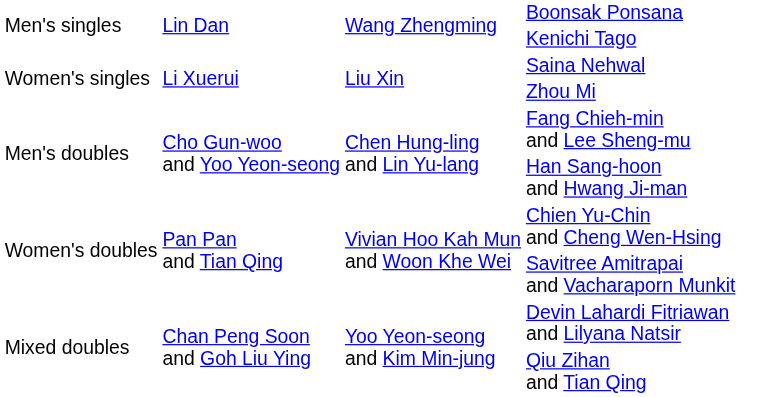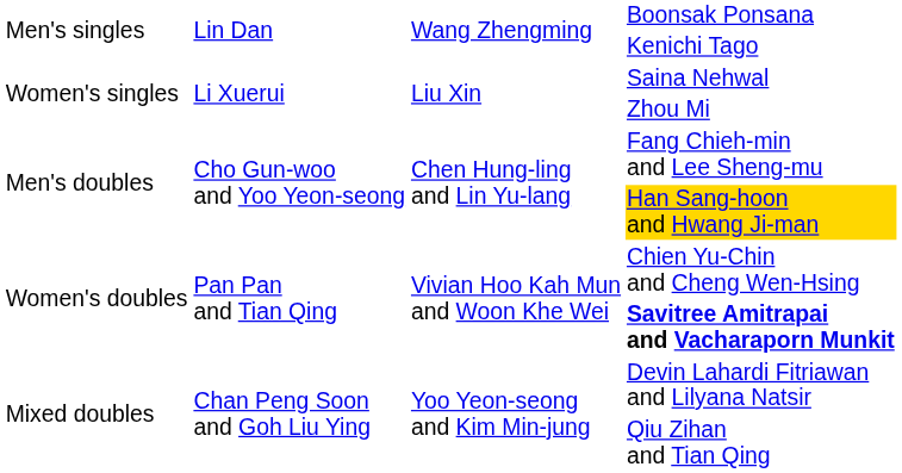 <table>
 <tr>
 <td rowspan=2>Men's singles</td>
 <td rowspan=2> <a href='#'>Lin Dan</a></td>
 <td rowspan=2> <a href='#'>Wang Zhengming</a></td>
 <td> <a href='#'>Boonsak Ponsana</a></td>
 </tr>
 <tr>
 <td> <a href='#'>Kenichi Tago</a></td>
 </tr>
 <tr>
 <td rowspan=2>Women's singles</td>
 <td rowspan=2> <a href='#'>Li Xuerui</a></td>
 <td rowspan=2> <a href='#'>Liu Xin</a></td>
 <td> <a href='#'>Saina Nehwal</a></td>
 </tr>
 <tr>
 <td> <a href='#'>Zhou Mi</a></td>
 </tr>
 <tr>
 <td rowspan=2>Men's doubles</td>
 <td rowspan=2> <a href='#'>Cho Gun-woo</a><br>and <a href='#'>Yoo Yeon-seong</a></td>
 <td rowspan=2> <a href='#'>Chen Hung-ling</a><br>and <a href='#'>Lin Yu-lang</a></td>
 <td> <a href='#'>Fang Chieh-min</a><br>and <a href='#'>Lee Sheng-mu</a></td>
 </tr>
 <tr>
-<td> <a href='#'>Han Sang-hoon</a><br>and <a href='#'>Hwang Ji-man</a></td>
+<td style="background: gold;"> <a href='#'>Han Sang-hoon</a><br>and <a href='#'>Hwang Ji-man</a></td>
 </tr>
 <tr>
 <td rowspan=2>Women's doubles</td>
 <td rowspan=2> <a href='#'>Pan Pan</a><br>and <a href='#'>Tian Qing</a></td>
 <td rowspan=2> <a href='#'>Vivian Hoo Kah Mun</a><br>and <a href='#'>Woon Khe Wei</a></td>
 <td> <a href='#'>Chien Yu-Chin</a><br>and <a href='#'>Cheng Wen-Hsing</a></td>
 </tr>
 <tr>
-<td> <a href='#'>Savitree Amitrapai</a><br>and <a href='#'>Vacharaporn Munkit</a></td>
+<td><strong> <a href='#'>Savitree Amitrapai</a><br>and <a href='#'>Vacharaporn Munkit</a></strong></td>
 </tr>
 <tr>
 <td rowspan=2>Mixed doubles</td>
 <td rowspan=2> <a href='#'>Chan Peng Soon</a><br>and <a href='#'>Goh Liu Ying</a></td>
 <td rowspan=2> <a href='#'>Yoo Yeon-seong</a><br>and <a href='#'>Kim Min-jung</a></td>
 <td> <a href='#'>Devin Lahardi Fitriawan</a><br>and <a href='#'>Lilyana Natsir</a></td>
 </tr>
 <tr>
 <td> <a href='#'>Qiu Zihan</a><br>and <a href='#'>Tian Qing</a></td>
 </tr>
 </table>
